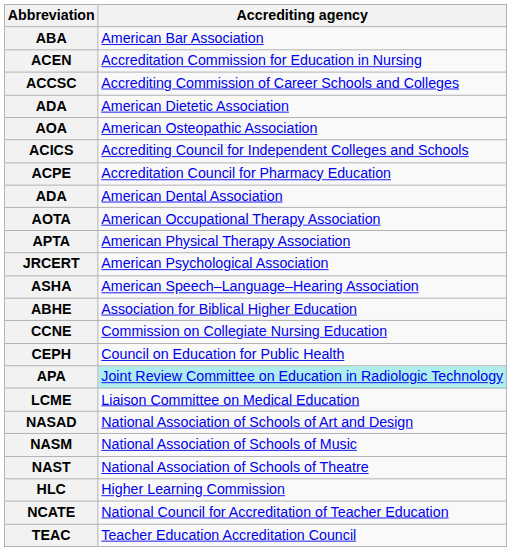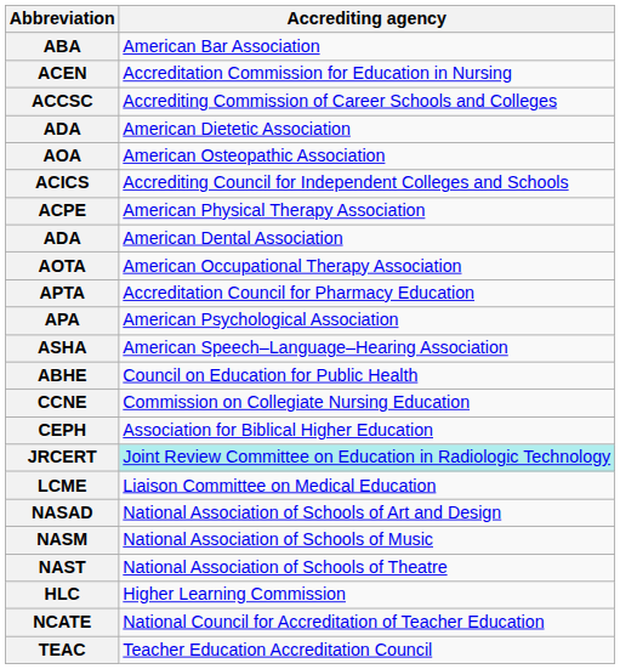 <table class="wikitable sortable" style="text-align:left;">
 <tr>
 <th scope="col" class="unsortable">Abbreviation</th>
 <th scope="col" class="unsortable">Accrediting agency</th>
 </tr>
 <tr>
 <th scope="row">ABA</th>
 <td><a href='#'>American Bar Association</a></td>
 </tr>
 <tr>
 <th scope="row">ACEN</th>
 <td><a href='#'>Accreditation Commission for Education in Nursing</a></td>
 </tr>
 <tr>
 <th scope="row">ACCSC</th>
 <td><a href='#'>Accrediting Commission of Career Schools and Colleges</a></td>
 </tr>
 <tr>
 <th scope="row">ADA</th>
 <td><a href='#'>American Dietetic Association</a></td>
 </tr>
 <tr>
 <th scope="row">AOA</th>
 <td><a href='#'>American Osteopathic Association</a></td>
 </tr>
 <tr>
 <th scope="row">ACICS</th>
 <td><a href='#'>Accrediting Council for Independent Colleges and Schools</a></td>
 </tr>
 <tr>
 <th scope="row">ACPE</th>
-<td><a href='#'>Accreditation Council for Pharmacy Education</a></td>
+<td><a href='#'>American Physical Therapy Association</a></td>
 </tr>
 <tr>
 <th scope="row">ADA</th>
 <td><a href='#'>American Dental Association</a></td>
 </tr>
 <tr>
 <th scope="row">AOTA</th>
 <td><a href='#'>American Occupational Therapy Association</a></td>
 </tr>
 <tr>
 <th scope="row">APTA</th>
-<td><a href='#'>American Physical Therapy Association</a></td>
+<td><a href='#'>Accreditation Council for Pharmacy Education</a></td>
 </tr>
 <tr>
-<th scope="row">JRCERT</th>
+<th scope="row">APA</th>
 <td><a href='#'>American Psychological Association</a></td>
 </tr>
 <tr>
 <th scope="row">ASHA</th>
 <td><a href='#'>American Speech–Language–Hearing Association</a></td>
 </tr>
 <tr>
 <th scope="row">ABHE</th>
-<td><a href='#'>Association for Biblical Higher Education</a></td>
+<td><a href='#'>Council on Education for Public Health</a></td>
 </tr>
 <tr>
 <th scope="row">CCNE</th>
 <td><a href='#'>Commission on Collegiate Nursing Education</a></td>
 </tr>
 <tr>
 <th scope="row">CEPH</th>
-<td><a href='#'>Council on Education for Public Health</a></td>
+<td><a href='#'>Association for Biblical Higher Education</a></td>
 </tr>
 <tr>
-<th scope="row">APA</th>
+<th scope="row">JRCERT</th>
 <td style="background: paleturquoise;"><a href='#'>Joint Review Committee on Education in Radiologic Technology</a></td>
 </tr>
 <tr>
 <th scope="row">LCME</th>
 <td><a href='#'>Liaison Committee on Medical Education</a></td>
 </tr>
 <tr>
 <th scope="row">NASAD</th>
 <td><a href='#'>National Association of Schools of Art and Design</a></td>
 </tr>
 <tr>
 <th scope="row">NASM</th>
 <td><a href='#'>National Association of Schools of Music</a></td>
 </tr>
 <tr>
 <th scope="row">NAST</th>
 <td><a href='#'>National Association of Schools of Theatre</a></td>
 </tr>
 <tr>
 <th scope="row">HLC</th>
 <td><a href='#'>Higher Learning Commission</a></td>
 </tr>
 <tr>
 <th scope="row">NCATE</th>
 <td><a href='#'>National Council for Accreditation of Teacher Education</a></td>
 </tr>
 <tr>
 <th scope="row">TEAC</th>
 <td><a href='#'>Teacher Education Accreditation Council</a></td>
 </tr>
 </table>
